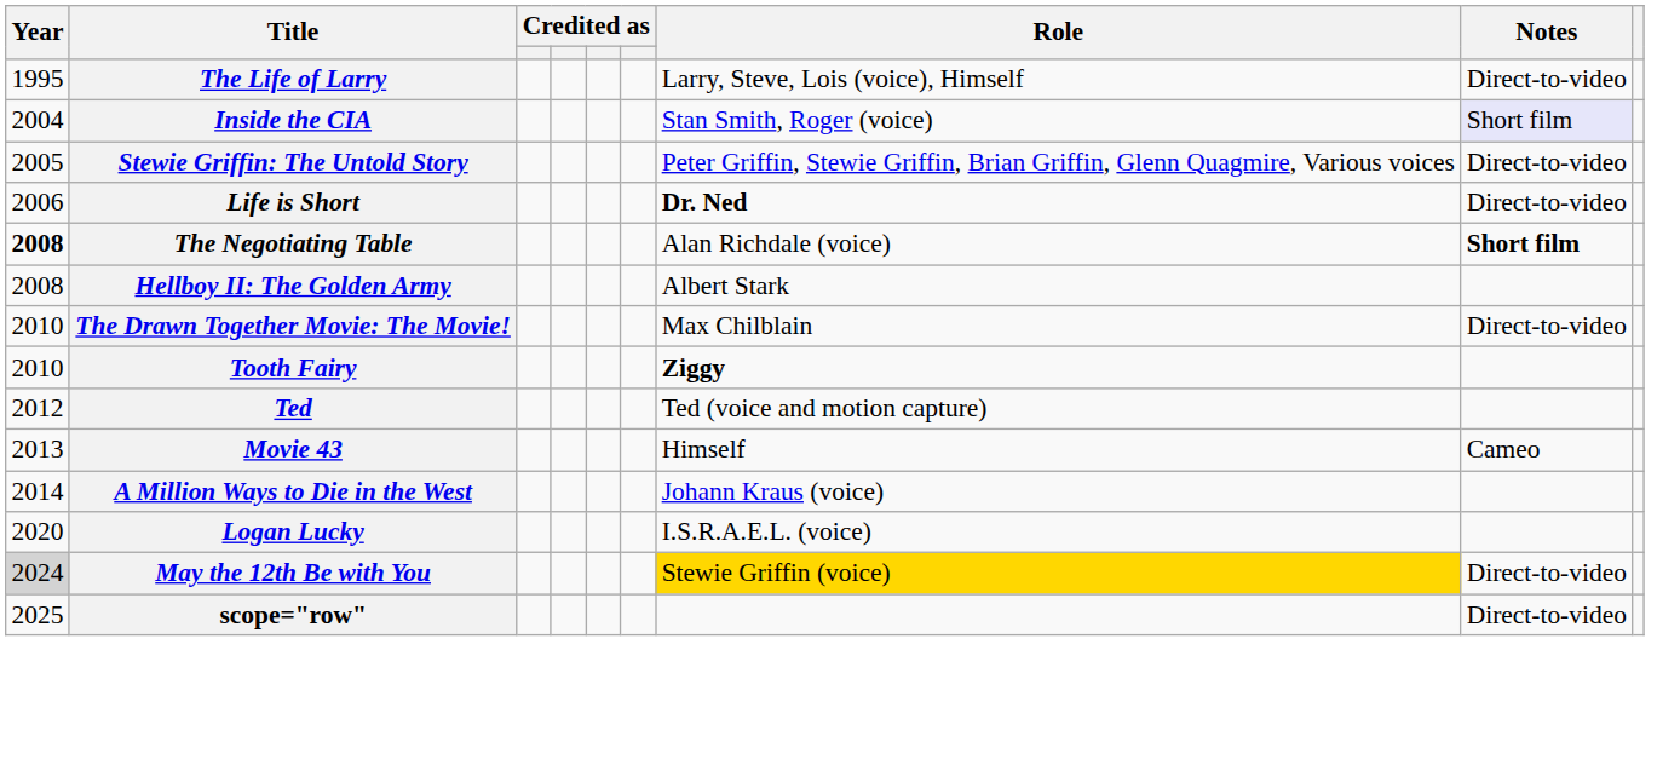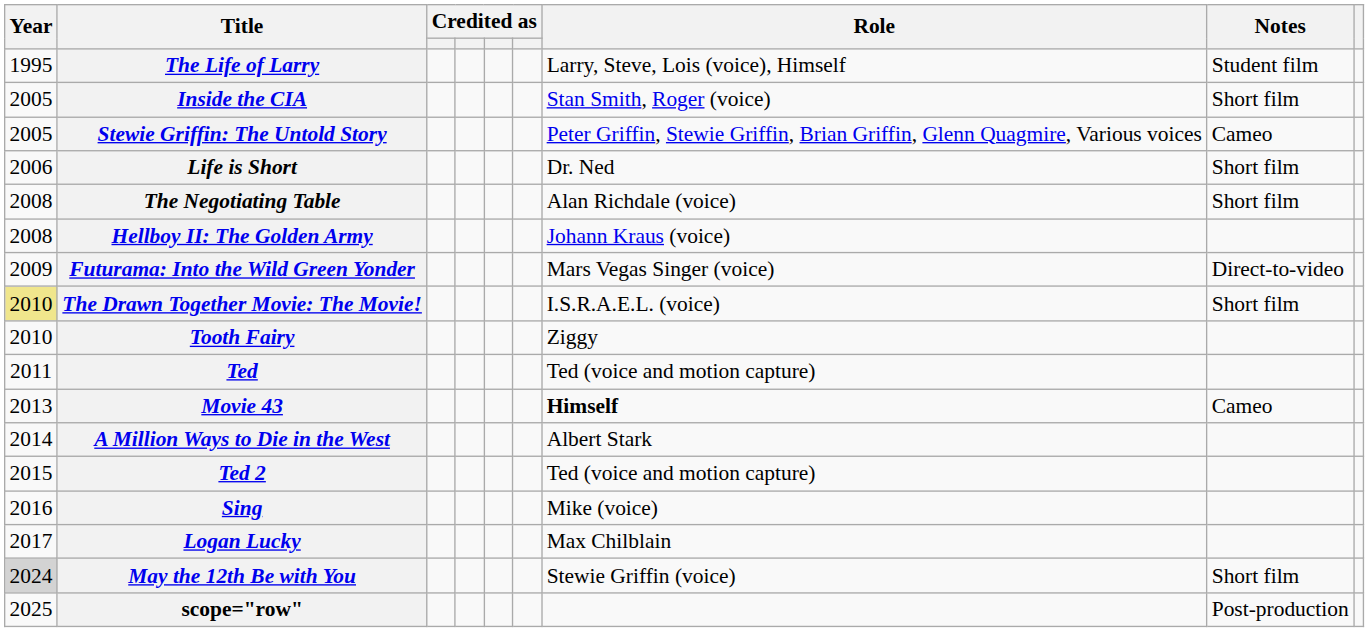 <table class="wikitable plainrowheaders sortable">
 <tr>
 <th rowspan="2" scope="col">Year</th>
 <th rowspan="2" scope="col">Title</th>
 <th colspan="4" scope="col">Credited as</th>
 <th rowspan="2" scope="col" class="unsortable">Role</th>
 <th rowspan="2" scope="col" class="unsortable">Notes</th>
 <th rowspan="2" scope="col" class="unsortable"></th>
 </tr>
 <tr>
 <th scope="col"></th>
 <th scope="col"></th>
 <th scope="col"></th>
 <th scope="col"></th>
 </tr>
 <tr>
 <td style="text-align:center;">1995</td>
 <th scope="row"><em><a href='#'>The Life of Larry</a></em></th>
 <td></td>
 <td></td>
 <td></td>
 <td></td>
 <td>Larry, Steve, Lois (voice), Himself</td>
-<td>Direct-to-video</td>
+<td>Student film</td>
 <td style="text-align:center;"></td>
 </tr>
 <tr>
-<td style="text-align:center;">2004</td>
+<td style="text-align:center;">2005</td>
 <th scope="row"><em><a href='#'>Inside the CIA</a></em></th>
 <td></td>
 <td></td>
 <td></td>
 <td></td>
 <td><a href='#'>Stan Smith</a>, <a href='#'>Roger</a> (voice)</td>
-<td style="background: lavender;">Short film</td>
+<td>Short film</td>
 <td style="text-align:center;"></td>
 </tr>
 <tr>
 <td style="text-align:center;">2005</td>
 <th scope="row"><em><a href='#'>Stewie Griffin: The Untold Story</a></em></th>
 <td></td>
 <td></td>
 <td></td>
 <td></td>
 <td><a href='#'>Peter Griffin</a>, <a href='#'>Stewie Griffin</a>, <a href='#'>Brian Griffin</a>, <a href='#'>Glenn Quagmire</a>, Various voices</td>
-<td>Direct-to-video</td>
+<td>Cameo</td>
 <td style="text-align:center;"></td>
 </tr>
 <tr>
 <td style="text-align:center;">2006</td>
 <th scope="row"><em>Life is Short</em></th>
 <td></td>
 <td></td>
 <td></td>
 <td></td>
-<td><strong>Dr. Ned</strong></td>
-<td>Direct-to-video</td>
+<td>Dr. Ned</td>
+<td>Short film</td>
 <td style="text-align:center;"></td>
 </tr>
 <tr>
-<td style="text-align:center;"><strong>2008</strong></td>
+<td style="text-align:center;">2008</td>
 <th scope="row"><em>The Negotiating Table</em></th>
 <td></td>
 <td></td>
 <td></td>
 <td></td>
 <td>Alan Richdale (voice)</td>
-<td><strong>Short film</strong></td>
+<td>Short film</td>
 <td style="text-align:center;"></td>
 </tr>
 <tr>
 <td style="text-align:center;">2008</td>
 <th scope="row"><em><a href='#'>Hellboy II: The Golden Army</a></em></th>
 <td></td>
 <td></td>
 <td></td>
 <td></td>
-<td>Albert Stark</td>
+<td><a href='#'>Johann Kraus</a> (voice)</td>
 <td></td>
 <td style="text-align:center;"></td>
 </tr>
 <tr>
-<td style="text-align:center;">2010</td>
+<td style="text-align:center;">2009</td>
+<th scope="row"><em><a href='#'>Futurama: Into the Wild Green Yonder</a></em></th>
+<td></td>
+<td></td>
+<td></td>
+<td></td>
+<td>Mars Vegas Singer (voice)</td>
+<td>Direct-to-video</td>
+<td style="text-align:center;"></td>
+</tr>
+<tr>
+<td style="background: khaki; text-align:center;">2010</td>
 <th scope="row"><em><a href='#'>The Drawn Together Movie: The Movie!</a></em></th>
 <td></td>
 <td></td>
 <td></td>
 <td></td>
-<td>Max Chilblain</td>
-<td>Direct-to-video</td>
+<td>I.S.R.A.E.L. (voice)</td>
+<td>Short film</td>
 <td style="text-align:center;"></td>
 </tr>
 <tr>
 <td style="text-align:center;">2010</td>
 <th scope="row"><em><a href='#'>Tooth Fairy</a></em></th>
 <td></td>
 <td></td>
 <td></td>
 <td></td>
-<td><strong>Ziggy</strong></td>
+<td>Ziggy</td>
 <td></td>
 <td style="text-align:center;"></td>
 </tr>
 <tr>
-<td style="text-align:center;">2012</td>
+<td style="text-align:center;">2011</td>
 <th scope="row"><em><a href='#'>Ted</a></em></th>
 <td></td>
 <td></td>
 <td></td>
 <td></td>
 <td>Ted (voice and motion capture)</td>
 <td></td>
 <td style="text-align:center;"></td>
 </tr>
 <tr>
 <td style="text-align:center;">2013</td>
 <th scope="row"><em><a href='#'>Movie 43</a></em></th>
 <td></td>
 <td></td>
 <td></td>
 <td></td>
-<td>Himself</td>
+<td><strong>Himself</strong></td>
 <td>Cameo</td>
 <td style="text-align:center;"></td>
 </tr>
 <tr>
 <td style="text-align:center;">2014</td>
 <th scope="row"><em><a href='#'>A Million Ways to Die in the West</a></em></th>
 <td></td>
 <td></td>
 <td></td>
 <td></td>
-<td><a href='#'>Johann Kraus</a> (voice)</td>
+<td>Albert Stark</td>
 <td></td>
 <td style="text-align:center;"></td>
 </tr>
 <tr>
-<td style="text-align:center;">2020</td>
+<td style="text-align:center;">2015</td>
+<th scope="row"><em><a href='#'>Ted 2</a></em></th>
+<td></td>
+<td></td>
+<td></td>
+<td></td>
+<td>Ted (voice and motion capture)</td>
+<td></td>
+<td style="text-align:center;"></td>
+</tr>
+<tr>
+<td style="text-align:center;">2016</td>
+<th scope="row"><em><a href='#'>Sing</a></em></th>
+<td></td>
+<td></td>
+<td></td>
+<td></td>
+<td>Mike (voice)</td>
+<td></td>
+<td style="text-align:center;"></td>
+</tr>
+<tr>
+<td style="text-align:center;">2017</td>
 <th scope="row"><em><a href='#'>Logan Lucky</a></em></th>
 <td></td>
 <td></td>
 <td></td>
 <td></td>
-<td>I.S.R.A.E.L. (voice)</td>
+<td>Max Chilblain</td>
 <td></td>
 <td style="text-align:center;"></td>
 </tr>
 <tr>
 <td style="background: lightgrey; text-align:center;">2024</td>
 <th scope="row"><em><a href='#'>May the 12th Be with You</a></em></th>
 <td></td>
 <td></td>
 <td></td>
 <td></td>
-<td style="background: gold;">Stewie Griffin (voice)</td>
-<td>Direct-to-video</td>
+<td>Stewie Griffin (voice)</td>
+<td>Short film</td>
 <td style="text-align:center;"></td>
 </tr>
 <tr>
 <td style="text-align:center;">2025</td>
 <th>scope="row" </th>
 <td></td>
 <td></td>
 <td></td>
 <td></td>
 <td></td>
-<td>Direct-to-video</td>
+<td>Post-production</td>
 <td style="text-align:center;"></td>
 </tr>
 </table>
